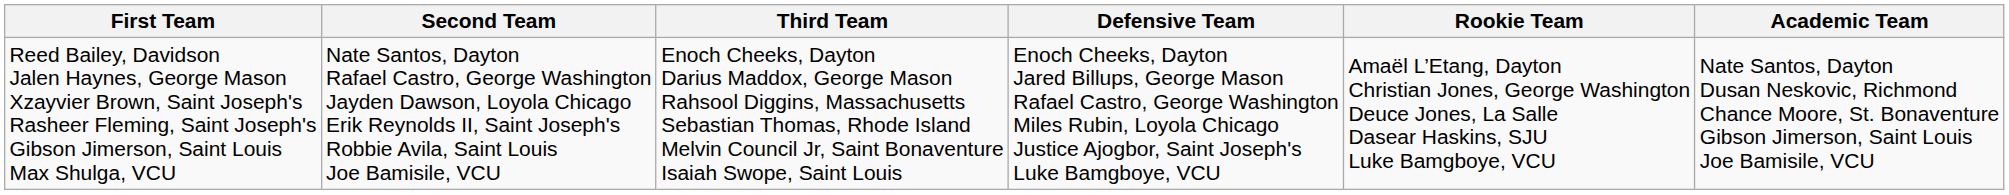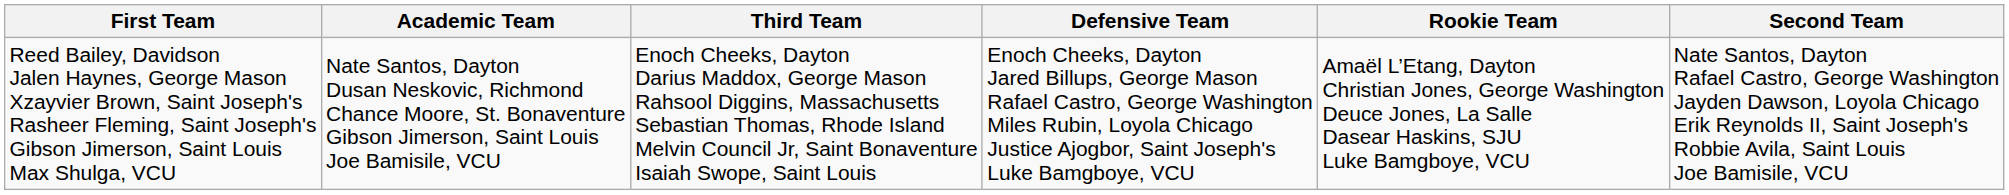 <table class="wikitable">
 <tr>
 <th>First Team</th>
-<th>Second Team</th>
+<th>Academic Team</th>
 <th>Third Team</th>
 <th>Defensive Team</th>
 <th>Rookie Team</th>
-<th>Academic Team</th>
+<th>Second Team</th>
 </tr>
 <tr>
 <td>Reed Bailey, Davidson<br>Jalen Haynes, George Mason<br>Xzayvier Brown, Saint Joseph's<br>Rasheer Fleming, Saint Joseph's<br>Gibson Jimerson, Saint Louis<br>Max Shulga, VCU</td>
-<td>Nate Santos, Dayton<br>Rafael Castro, George Washington<br>Jayden Dawson, Loyola Chicago<br>Erik Reynolds II, Saint Joseph's<br>Robbie Avila, Saint Louis<br>Joe Bamisile, VCU</td>
+<td>Nate Santos, Dayton<br>Dusan Neskovic, Richmond<br>Chance Moore, St. Bonaventure<br>Gibson Jimerson, Saint Louis<br>Joe Bamisile, VCU</td>
 <td>Enoch Cheeks, Dayton<br>Darius Maddox, George Mason<br>Rahsool Diggins, Massachusetts<br>Sebastian Thomas, Rhode Island<br>Melvin Council Jr, Saint Bonaventure<br>Isaiah Swope, Saint Louis</td>
 <td>Enoch Cheeks, Dayton<br>Jared Billups, George Mason<br>Rafael Castro, George Washington<br>Miles Rubin, Loyola Chicago<br>Justice Ajogbor, Saint Joseph's<br>Luke Bamgboye, VCU</td>
 <td>Amaël L’Etang, Dayton<br>Christian Jones, George Washington<br>Deuce Jones, La Salle<br>Dasear Haskins, SJU<br>Luke Bamgboye, VCU</td>
-<td>Nate Santos, Dayton<br>Dusan Neskovic, Richmond<br>Chance Moore, St. Bonaventure<br>Gibson Jimerson, Saint Louis<br>Joe Bamisile, VCU</td>
+<td>Nate Santos, Dayton<br>Rafael Castro, George Washington<br>Jayden Dawson, Loyola Chicago<br>Erik Reynolds II, Saint Joseph's<br>Robbie Avila, Saint Louis<br>Joe Bamisile, VCU</td>
 </tr>
 </table>
